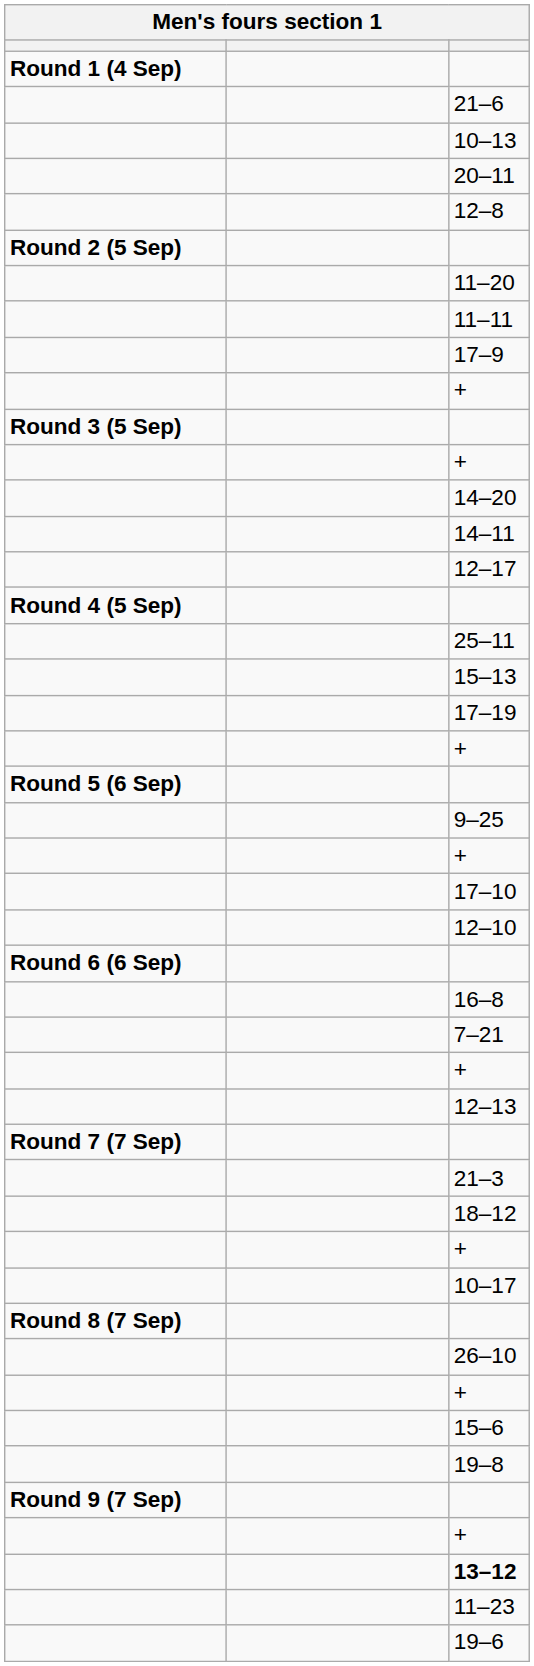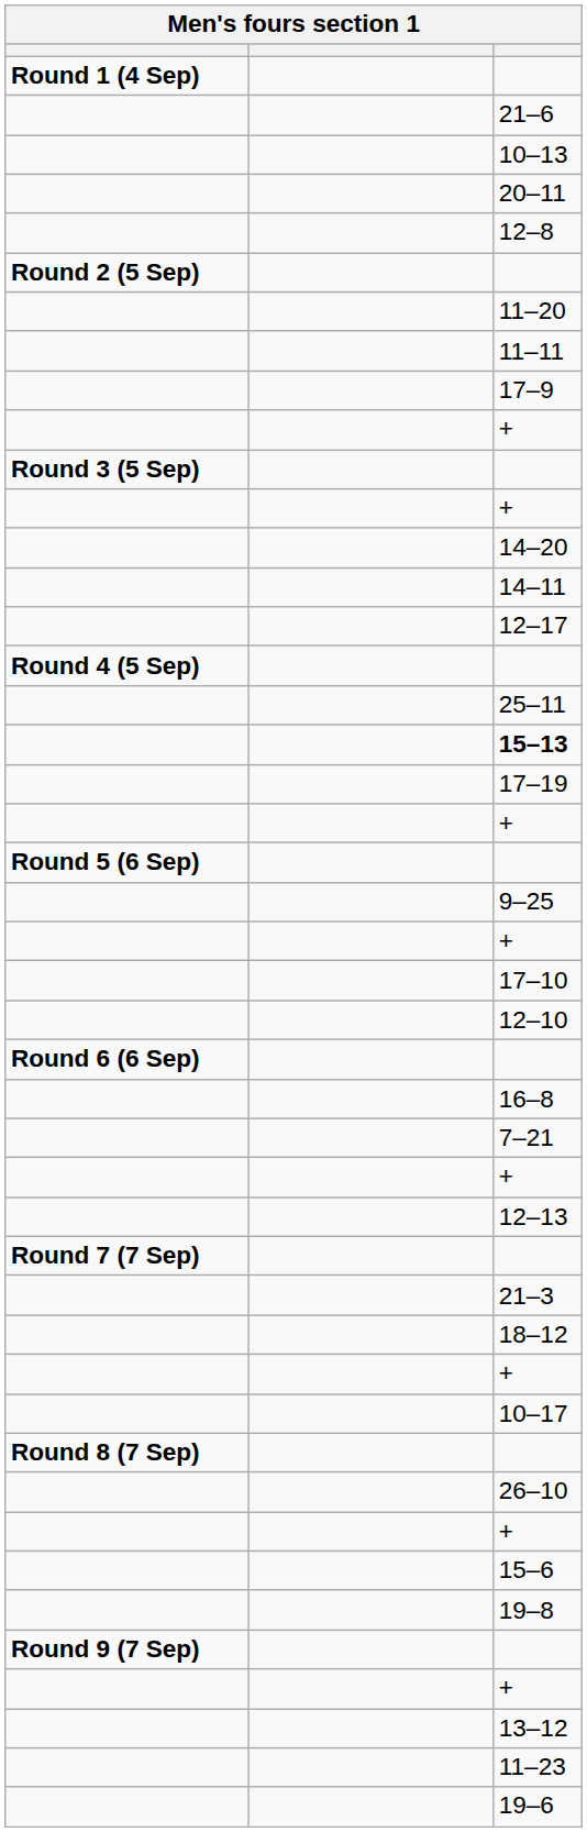 <table class="wikitable">
 <tr>
 <th colspan="3">Men's fours section 1</th>
 </tr>
 <tr>
 <th width=150></th>
 <th width=150></th>
 <th width=50></th>
 </tr>
 <tr>
 <td><strong>Round 1 (4 Sep)</strong></td>
 <td></td>
 <td></td>
 </tr>
 <tr>
 <td></td>
 <td></td>
 <td>21–6</td>
 </tr>
 <tr>
 <td></td>
 <td></td>
 <td>10–13</td>
 </tr>
 <tr>
 <td></td>
 <td></td>
 <td>20–11</td>
 </tr>
 <tr>
 <td></td>
 <td></td>
 <td>12–8</td>
 </tr>
 <tr>
 <td><strong>Round 2 (5 Sep)</strong></td>
 <td></td>
 <td></td>
 </tr>
 <tr>
 <td></td>
 <td></td>
 <td>11–20</td>
 </tr>
 <tr>
 <td></td>
 <td></td>
 <td>11–11</td>
 </tr>
 <tr>
 <td></td>
 <td></td>
 <td>17–9</td>
 </tr>
 <tr>
 <td></td>
 <td></td>
 <td>+</td>
 </tr>
 <tr>
 <td><strong>Round 3 (5 Sep)</strong></td>
 <td></td>
 <td></td>
 </tr>
 <tr>
 <td></td>
 <td></td>
 <td>+</td>
 </tr>
 <tr>
 <td></td>
 <td></td>
 <td>14–20</td>
 </tr>
 <tr>
 <td></td>
 <td></td>
 <td>14–11</td>
 </tr>
 <tr>
 <td></td>
 <td></td>
 <td>12–17</td>
 </tr>
 <tr>
 <td><strong>Round 4 (5 Sep)</strong></td>
 <td></td>
 <td></td>
 </tr>
 <tr>
 <td></td>
 <td></td>
 <td>25–11</td>
 </tr>
 <tr>
 <td></td>
 <td></td>
-<td>15–13</td>
+<td><strong>15–13</strong></td>
 </tr>
 <tr>
 <td></td>
 <td></td>
 <td>17–19</td>
 </tr>
 <tr>
 <td></td>
 <td></td>
 <td>+</td>
 </tr>
 <tr>
 <td><strong>Round 5 (6 Sep)</strong></td>
 <td></td>
 <td></td>
 </tr>
 <tr>
 <td></td>
 <td></td>
 <td>9–25</td>
 </tr>
 <tr>
 <td></td>
 <td></td>
 <td>+</td>
 </tr>
 <tr>
 <td></td>
 <td></td>
 <td>17–10</td>
 </tr>
 <tr>
 <td></td>
 <td></td>
 <td>12–10</td>
 </tr>
 <tr>
 <td><strong>Round 6  (6 Sep)</strong></td>
 <td></td>
 <td></td>
 </tr>
 <tr>
 <td></td>
 <td></td>
 <td>16–8</td>
 </tr>
 <tr>
 <td></td>
 <td></td>
 <td>7–21</td>
 </tr>
 <tr>
 <td></td>
 <td></td>
 <td>+</td>
 </tr>
 <tr>
 <td></td>
 <td></td>
 <td>12–13</td>
 </tr>
 <tr>
 <td><strong>Round 7 (7 Sep)</strong></td>
 <td></td>
 <td></td>
 </tr>
 <tr>
 <td></td>
 <td></td>
 <td>21–3</td>
 </tr>
 <tr>
 <td></td>
 <td></td>
 <td>18–12</td>
 </tr>
 <tr>
 <td></td>
 <td></td>
 <td>+</td>
 </tr>
 <tr>
 <td></td>
 <td></td>
 <td>10–17</td>
 </tr>
 <tr>
 <td><strong>Round 8 (7 Sep)</strong></td>
 <td></td>
 <td></td>
 </tr>
 <tr>
 <td></td>
 <td></td>
 <td>26–10</td>
 </tr>
 <tr>
 <td></td>
 <td></td>
 <td>+</td>
 </tr>
 <tr>
 <td></td>
 <td></td>
 <td>15–6</td>
 </tr>
 <tr>
 <td></td>
 <td></td>
 <td>19–8</td>
 </tr>
 <tr>
 <td><strong>Round 9 (7 Sep)</strong></td>
 <td></td>
 <td></td>
 </tr>
 <tr>
 <td></td>
 <td></td>
 <td>+</td>
 </tr>
 <tr>
 <td></td>
 <td></td>
-<td><strong>13–12</strong></td>
+<td>13–12</td>
 </tr>
 <tr>
 <td></td>
 <td></td>
 <td>11–23</td>
 </tr>
 <tr>
 <td></td>
 <td></td>
 <td>19–6</td>
 </tr>
 </table>
